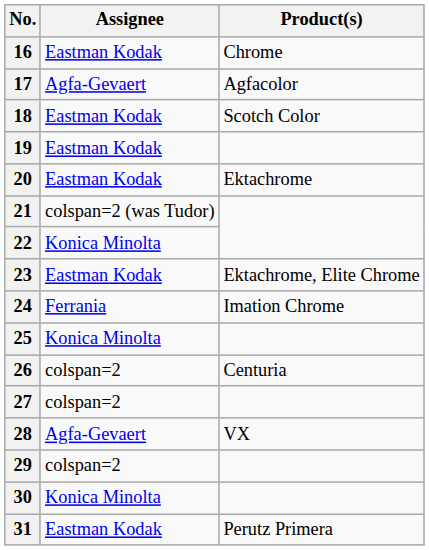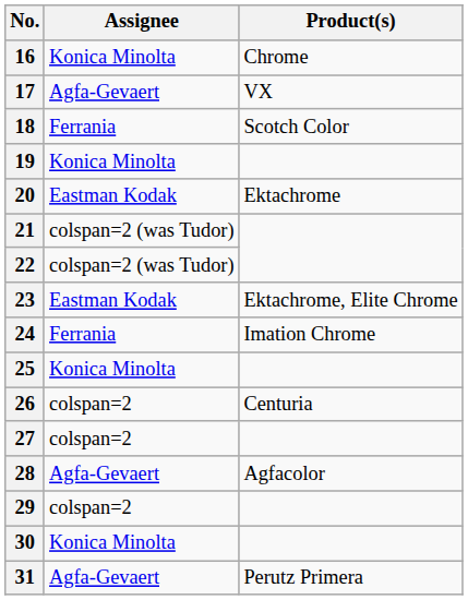 <table class="wikitable" style="font-size:75%;text-align:left;">
 <tr>
 <th>No.</th>
 <th>Assignee</th>
 <th>Product(s)</th>
 </tr>
 <tr>
 <th>16</th>
-<td><a href='#'>Eastman Kodak</a></td>
+<td><a href='#'>Konica Minolta</a></td>
 <td>Chrome</td>
 </tr>
 <tr>
 <th>17</th>
 <td><a href='#'>Agfa-Gevaert</a></td>
-<td>Agfacolor</td>
+<td>VX</td>
 </tr>
 <tr>
 <th>18</th>
-<td><a href='#'>Eastman Kodak</a></td>
+<td><a href='#'>Ferrania</a></td>
 <td>Scotch Color</td>
 </tr>
 <tr>
 <th>19</th>
-<td><a href='#'>Eastman Kodak</a></td>
+<td><a href='#'>Konica Minolta</a></td>
 <td></td>
 </tr>
 <tr>
 <th>20</th>
 <td><a href='#'>Eastman Kodak</a></td>
 <td>Ektachrome</td>
 </tr>
 <tr>
 <th>21</th>
 <td>colspan=2  (was Tudor)</td>
 </tr>
 <tr>
 <th>22</th>
-<td><a href='#'>Konica Minolta</a></td>
+<td>colspan=2  (was Tudor)</td>
 </tr>
 <tr>
 <th>23</th>
 <td><a href='#'>Eastman Kodak</a></td>
 <td>Ektachrome, Elite Chrome</td>
 </tr>
 <tr>
 <th>24</th>
 <td><a href='#'>Ferrania</a></td>
 <td>Imation Chrome</td>
 </tr>
 <tr>
 <th>25</th>
 <td><a href='#'>Konica Minolta</a></td>
 <td></td>
 </tr>
 <tr>
 <th>26</th>
 <td>colspan=2 </td>
 <td>Centuria</td>
 </tr>
 <tr>
 <th>27</th>
 <td>colspan=2 </td>
 </tr>
 <tr>
 <th>28</th>
 <td><a href='#'>Agfa-Gevaert</a></td>
-<td>VX</td>
+<td>Agfacolor</td>
 </tr>
 <tr>
 <th>29</th>
 <td>colspan=2 </td>
 </tr>
 <tr>
 <th>30</th>
 <td><a href='#'>Konica Minolta</a></td>
 <td></td>
 </tr>
 <tr>
 <th>31</th>
-<td><a href='#'>Eastman Kodak</a></td>
+<td><a href='#'>Agfa-Gevaert</a></td>
 <td>Perutz Primera</td>
 </tr>
 </table>
